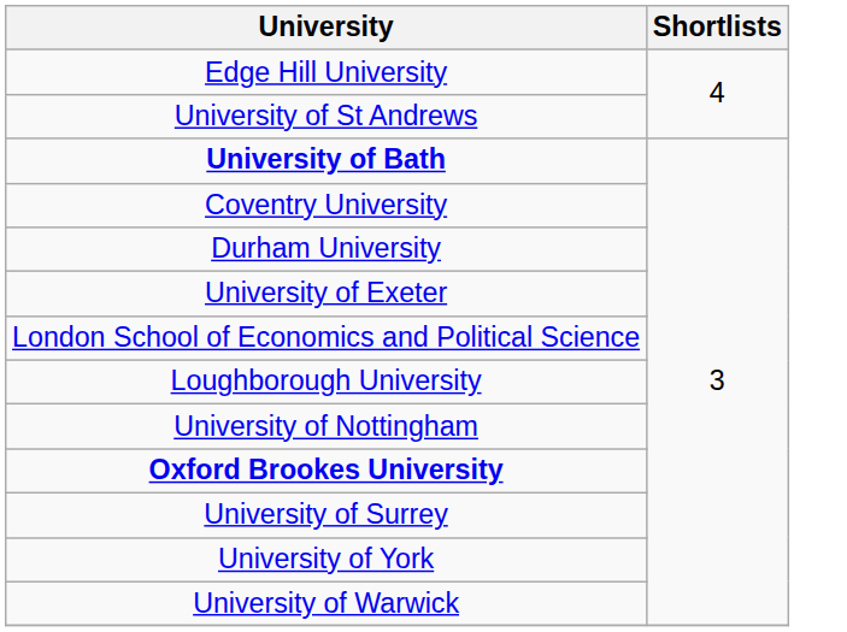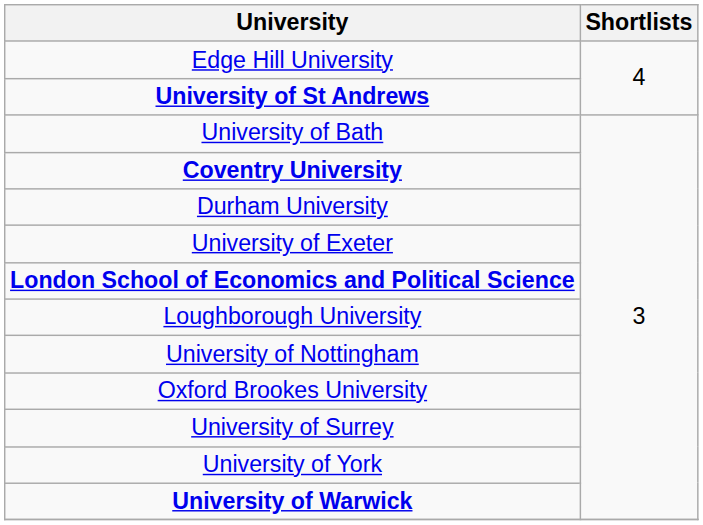 <table class="wikitable" rowspan="2" style="text-align:center" background: #f6e39c;>
 <tr>
 <th scope="col" style="text-align:center">University</th>
 <th scope="col" style="width:55px">Shortlists</th>
 </tr>
 <tr>
 <td><a href='#'>Edge Hill University</a></td>
 <td rowspan="2" style="text-align:center">4</td>
 </tr>
 <tr>
-<td><a href='#'>University of St Andrews</a></td>
+<td><strong><a href='#'>University of St Andrews</a></strong></td>
 </tr>
 <tr>
-<td><strong><a href='#'>University of Bath</a></strong></td>
+<td><a href='#'>University of Bath</a></td>
 <td rowspan="11" style="text-align:center">3</td>
 </tr>
 <tr>
-<td><a href='#'>Coventry University</a></td>
+<td><strong><a href='#'>Coventry University</a></strong></td>
 </tr>
 <tr>
 <td><a href='#'>Durham University</a></td>
 </tr>
 <tr>
 <td><a href='#'>University of Exeter</a></td>
 </tr>
 <tr>
-<td><a href='#'>London School of Economics and Political Science</a></td>
+<td><strong><a href='#'>London School of Economics and Political Science</a></strong></td>
 </tr>
 <tr>
 <td><a href='#'>Loughborough University</a></td>
 </tr>
 <tr>
 <td><a href='#'>University of Nottingham</a></td>
 </tr>
 <tr>
-<td><strong><a href='#'>Oxford Brookes University</a></strong></td>
+<td><a href='#'>Oxford Brookes University</a></td>
 </tr>
 <tr>
 <td><a href='#'>University of Surrey</a></td>
 </tr>
 <tr>
 <td><a href='#'>University of York</a></td>
 </tr>
 <tr>
-<td><a href='#'>University of Warwick</a></td>
+<td><strong><a href='#'>University of Warwick</a></strong></td>
 </tr>
 <tr>
 </tr>
 </table>
